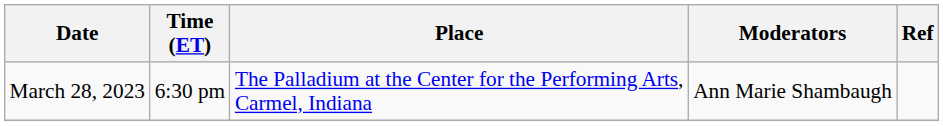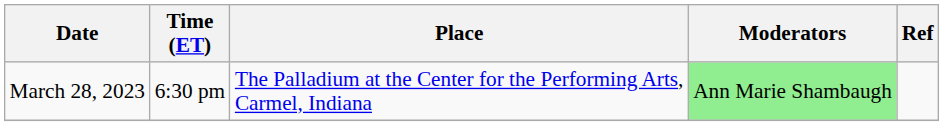 <table class="wikitable">
 <tr>
 <th>Date</th>
 <th>Time<br>(<a href='#'>ET</a>)</th>
 <th>Place</th>
 <th>Moderators</th>
 <th>Ref</th>
 </tr>
 <tr>
 <td>March 28, 2023</td>
 <td>6:30 pm</td>
 <td><a href='#'>The Palladium at the Center for the Performing Arts</a>,<br><a href='#'>Carmel, Indiana</a></td>
-<td>Ann Marie Shambaugh</td>
+<td style="background: lightgreen;">Ann Marie Shambaugh</td>
 <td></td>
 </tr>
 <tr>
 </tr>
 </table>
